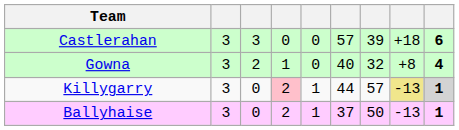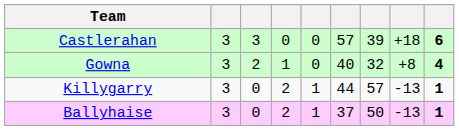 <table class="wikitable" style="text-align:center">
 <tr>
 <th style="width:175px;">Team</th>
 <th width="20"></th>
 <th width="20"></th>
 <th width="20"></th>
 <th width="20"></th>
 <th width="20"></th>
 <th width="20"></th>
 <th width="20"></th>
 <th width="20"></th>
 </tr>
 <tr style="background:#cfc;">
 <td><a href='#'>Castlerahan</a></td>
 <td>3</td>
 <td>3</td>
 <td>0</td>
 <td>0</td>
 <td>57</td>
 <td>39</td>
 <td>+18</td>
 <td><strong>6</strong></td>
 </tr>
 <tr style="background:#cfc;">
 <td><a href='#'>Gowna</a></td>
 <td>3</td>
 <td>2</td>
 <td>1</td>
 <td>0</td>
 <td>40</td>
 <td>32</td>
 <td>+8</td>
 <td><strong>4</strong></td>
 </tr>
 <tr>
 <td><a href='#'>Killygarry</a></td>
 <td>3</td>
 <td>0</td>
-<td style="background: pink;">2</td>
+<td>2</td>
 <td>1</td>
 <td>44</td>
 <td>57</td>
-<td style="background: khaki;">-13</td>
-<td style="background: lightgrey;"><strong>1</strong></td>
+<td>-13</td>
+<td><strong>1</strong></td>
 </tr>
 <tr style="background:#fcf;">
 <td><a href='#'>Ballyhaise</a></td>
 <td>3</td>
 <td>0</td>
 <td>2</td>
 <td>1</td>
 <td>37</td>
 <td>50</td>
 <td>-13</td>
 <td><strong>1</strong></td>
 </tr>
 </table>
